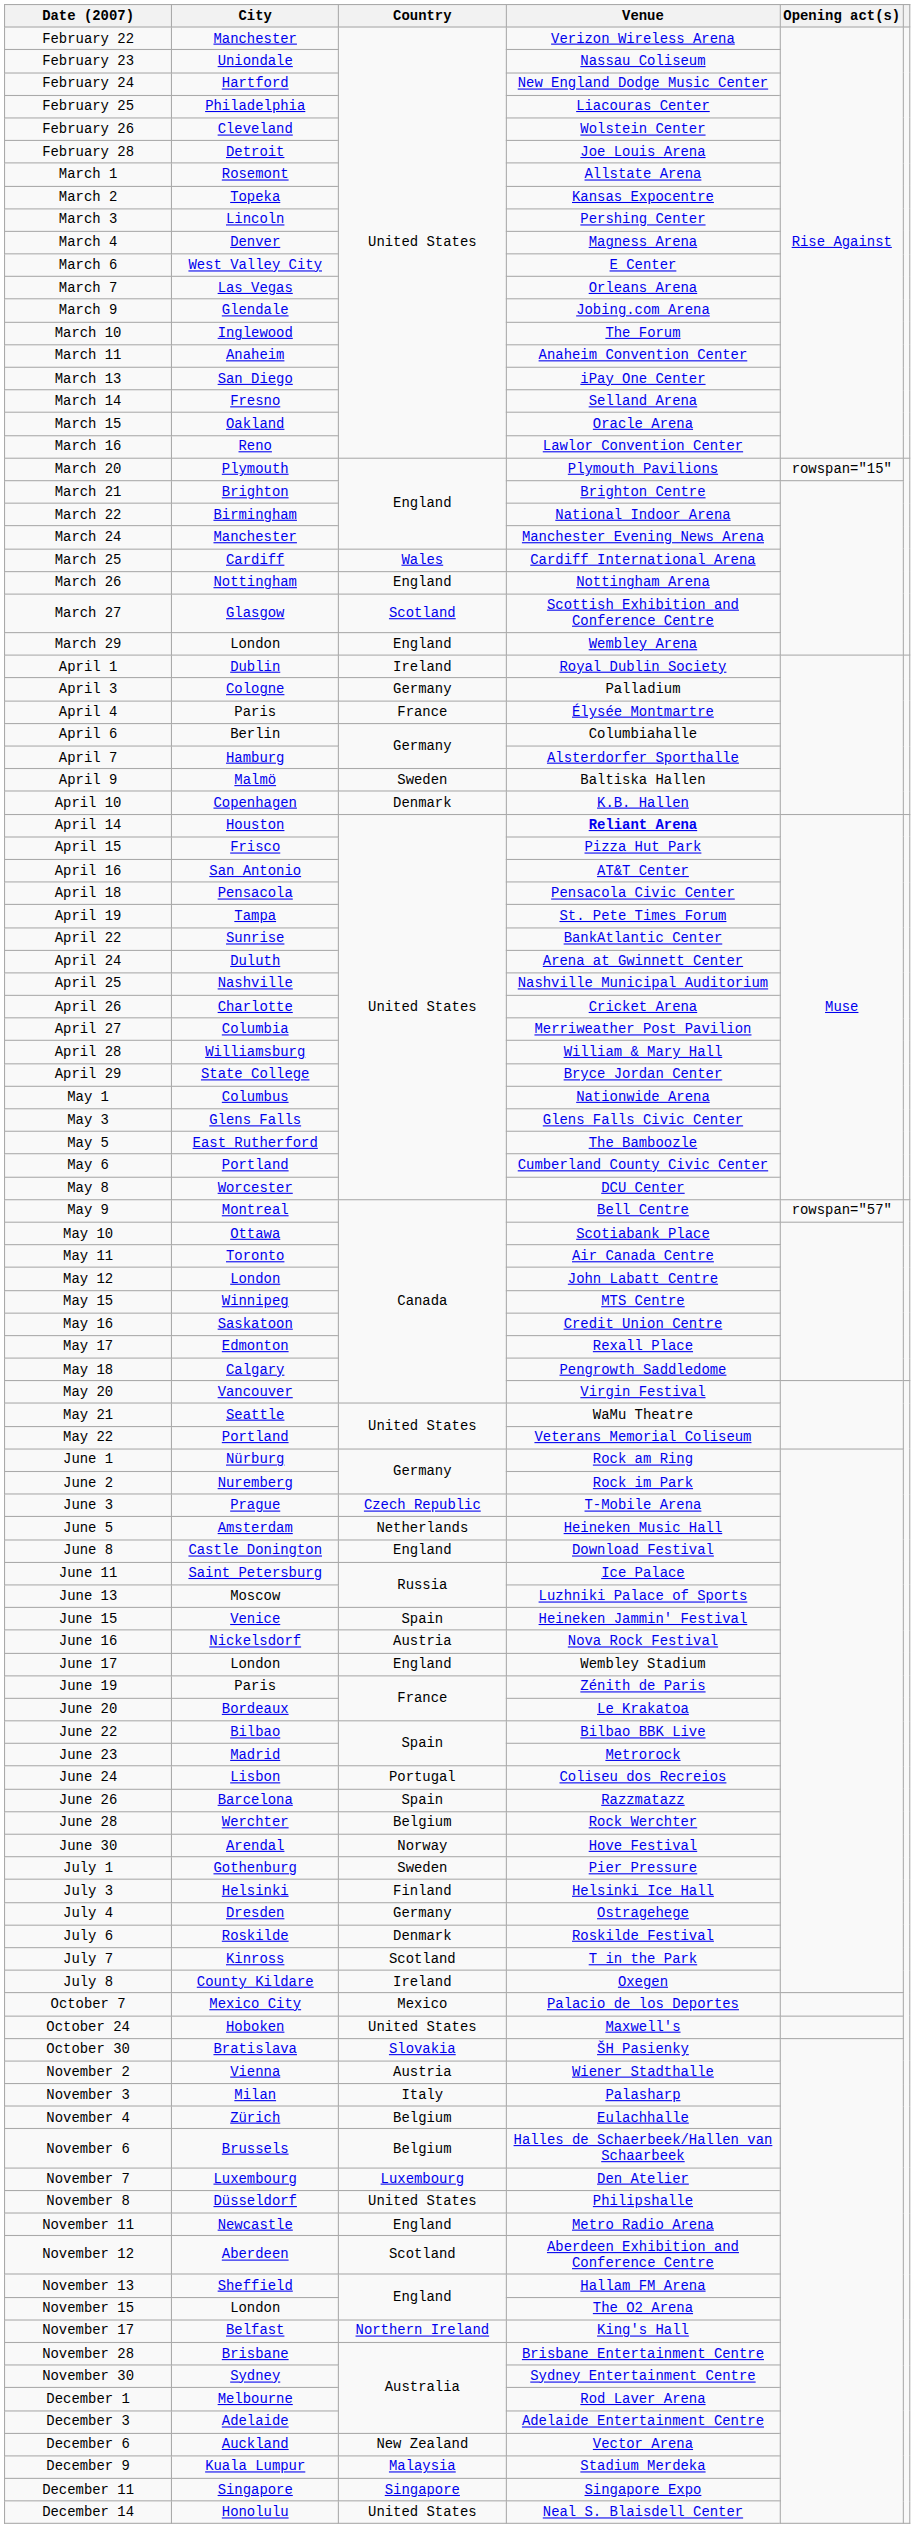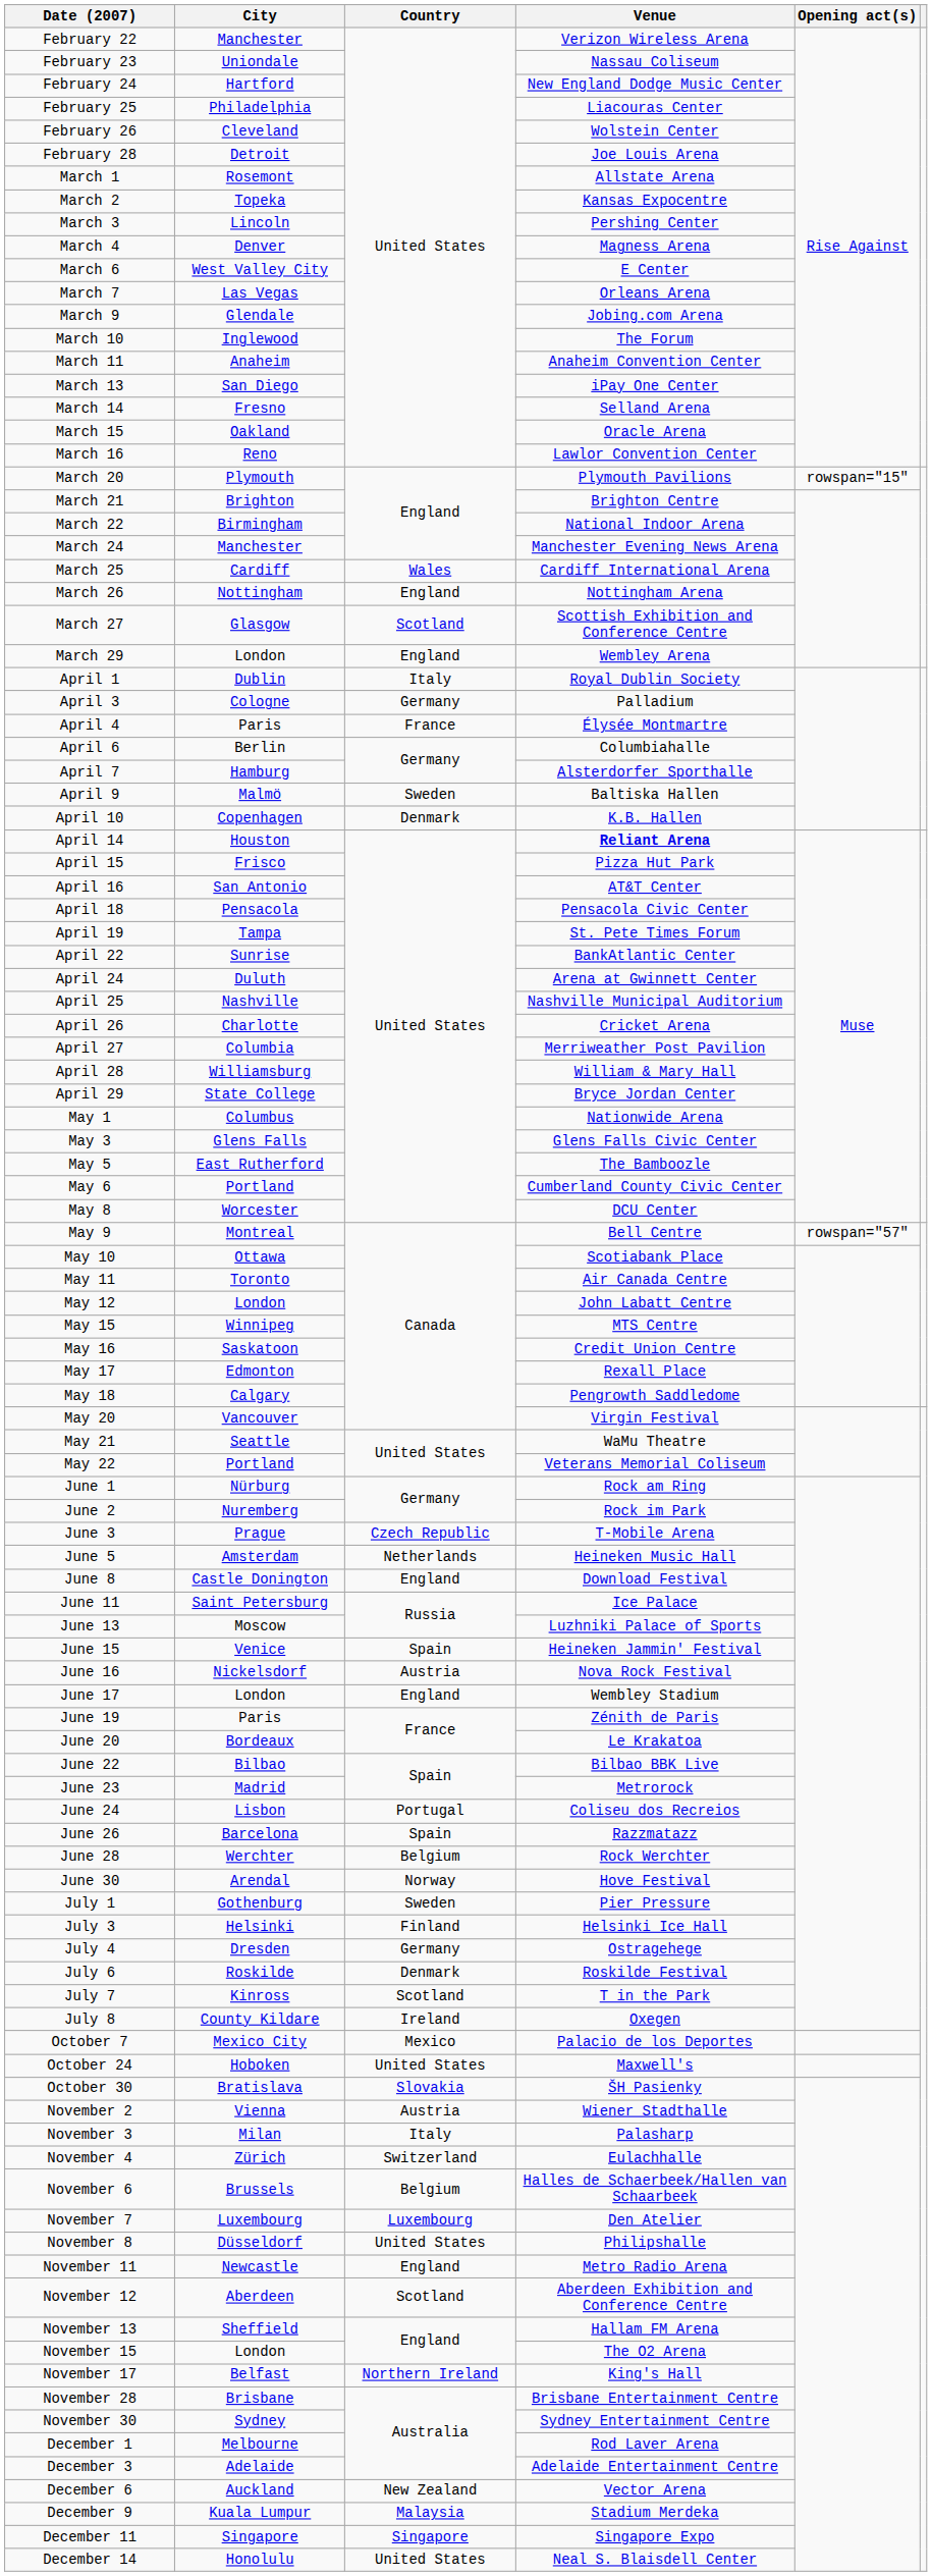 <table class="wikitable" style="text-align:center;">
 <tr>
 <th style="width:150px;">Date (2007)</th>
 <th style="width:150px;">City</th>
 <th style="width:150px;">Country</th>
 <th style="width:250px;">Venue</th>
 <th>Opening act(s)</th>
 <th></th>
 </tr>
 <tr>
 <td>February 22</td>
 <td><a href='#'>Manchester</a></td>
 <td rowspan="19">United States</td>
 <td><a href='#'>Verizon Wireless Arena</a></td>
 <td rowspan="19"><a href='#'>Rise Against</a></td>
 <td rowspan="19"></td>
 </tr>
 <tr>
 <td>February 23</td>
 <td><a href='#'>Uniondale</a></td>
 <td><a href='#'>Nassau Coliseum</a></td>
 </tr>
 <tr>
 <td>February 24</td>
 <td><a href='#'>Hartford</a></td>
 <td><a href='#'>New England Dodge Music Center</a></td>
 </tr>
 <tr>
 <td>February 25</td>
 <td><a href='#'>Philadelphia</a></td>
 <td><a href='#'>Liacouras Center</a></td>
 </tr>
 <tr>
 <td>February 26</td>
 <td><a href='#'>Cleveland</a></td>
 <td><a href='#'>Wolstein Center</a></td>
 </tr>
 <tr>
 <td>February 28</td>
 <td><a href='#'>Detroit</a></td>
 <td><a href='#'>Joe Louis Arena</a></td>
 </tr>
 <tr>
 <td>March 1</td>
 <td><a href='#'>Rosemont</a></td>
 <td><a href='#'>Allstate Arena</a></td>
 </tr>
 <tr>
 <td>March 2</td>
 <td><a href='#'>Topeka</a></td>
 <td><a href='#'>Kansas Expocentre</a></td>
 </tr>
 <tr>
 <td>March 3</td>
 <td><a href='#'>Lincoln</a></td>
 <td><a href='#'>Pershing Center</a></td>
 </tr>
 <tr>
 <td>March 4</td>
 <td><a href='#'>Denver</a></td>
 <td><a href='#'>Magness Arena</a></td>
 </tr>
 <tr>
 <td>March 6</td>
 <td><a href='#'>West Valley City</a></td>
 <td><a href='#'>E Center</a></td>
 </tr>
 <tr>
 <td>March 7</td>
 <td><a href='#'>Las Vegas</a></td>
 <td><a href='#'>Orleans Arena</a></td>
 </tr>
 <tr>
 <td>March 9</td>
 <td><a href='#'>Glendale</a></td>
 <td><a href='#'>Jobing.com Arena</a></td>
 </tr>
 <tr>
 <td>March 10</td>
 <td><a href='#'>Inglewood</a></td>
 <td><a href='#'>The Forum</a></td>
 </tr>
 <tr>
 <td>March 11</td>
 <td><a href='#'>Anaheim</a></td>
 <td><a href='#'>Anaheim Convention Center</a></td>
 </tr>
 <tr>
 <td>March 13</td>
 <td><a href='#'>San Diego</a></td>
 <td><a href='#'>iPay One Center</a></td>
 </tr>
 <tr>
 <td>March 14</td>
 <td><a href='#'>Fresno</a></td>
 <td><a href='#'>Selland Arena</a></td>
 </tr>
 <tr>
 <td>March 15</td>
 <td><a href='#'>Oakland</a></td>
 <td><a href='#'>Oracle Arena</a></td>
 </tr>
 <tr>
 <td>March 16</td>
 <td><a href='#'>Reno</a></td>
 <td><a href='#'>Lawlor Convention Center</a></td>
 </tr>
 <tr>
 <td>March 20</td>
 <td><a href='#'>Plymouth</a></td>
 <td rowspan="4">England</td>
 <td><a href='#'>Plymouth Pavilions</a></td>
 <td>rowspan="15" </td>
 <td rowspan="8"></td>
 </tr>
 <tr>
 <td>March 21</td>
 <td><a href='#'>Brighton</a></td>
 <td><a href='#'>Brighton Centre</a></td>
 </tr>
 <tr>
 <td>March 22</td>
 <td><a href='#'>Birmingham</a></td>
 <td><a href='#'>National Indoor Arena</a></td>
 </tr>
 <tr>
 <td>March 24</td>
 <td><a href='#'>Manchester</a></td>
 <td><a href='#'>Manchester Evening News Arena</a></td>
 </tr>
 <tr>
 <td>March 25</td>
 <td><a href='#'>Cardiff</a></td>
 <td><a href='#'>Wales</a></td>
 <td><a href='#'>Cardiff International Arena</a></td>
 </tr>
 <tr>
 <td>March 26</td>
 <td><a href='#'>Nottingham</a></td>
 <td>England</td>
 <td><a href='#'>Nottingham Arena</a></td>
 </tr>
 <tr>
 <td>March 27</td>
 <td><a href='#'>Glasgow</a></td>
 <td><a href='#'>Scotland</a></td>
 <td><a href='#'>Scottish Exhibition and Conference Centre</a></td>
 </tr>
 <tr>
 <td>March 29</td>
 <td>London</td>
 <td>England</td>
 <td><a href='#'>Wembley Arena</a></td>
 </tr>
 <tr>
 <td>April 1</td>
 <td><a href='#'>Dublin</a></td>
-<td>Ireland</td>
+<td>Italy</td>
 <td><a href='#'>Royal Dublin Society</a></td>
 <td rowspan="7"></td>
 </tr>
 <tr>
 <td>April 3</td>
 <td><a href='#'>Cologne</a></td>
 <td>Germany</td>
 <td>Palladium</td>
 </tr>
 <tr>
 <td>April 4</td>
 <td>Paris</td>
 <td>France</td>
 <td><a href='#'>Élysée Montmartre</a></td>
 </tr>
 <tr>
 <td>April 6</td>
 <td>Berlin</td>
 <td rowspan="2">Germany</td>
 <td>Columbiahalle</td>
 </tr>
 <tr>
 <td>April 7</td>
 <td><a href='#'>Hamburg</a></td>
 <td><a href='#'>Alsterdorfer Sporthalle</a></td>
 </tr>
 <tr>
 <td>April 9</td>
 <td><a href='#'>Malmö</a></td>
 <td>Sweden</td>
 <td>Baltiska Hallen</td>
 </tr>
 <tr>
 <td>April 10</td>
 <td><a href='#'>Copenhagen</a></td>
 <td>Denmark</td>
 <td><a href='#'>K.B. Hallen</a></td>
 </tr>
 <tr>
 <td>April 14</td>
 <td><a href='#'>Houston</a></td>
 <td rowspan="17">United States</td>
 <td><strong><a href='#'>Reliant Arena</a></strong></td>
 <td rowspan="17"><a href='#'>Muse</a></td>
 <td rowspan="17"></td>
 </tr>
 <tr>
 <td>April 15</td>
 <td><a href='#'>Frisco</a></td>
 <td><a href='#'>Pizza Hut Park</a></td>
 </tr>
 <tr>
 <td>April 16</td>
 <td><a href='#'>San Antonio</a></td>
 <td><a href='#'>AT&T Center</a></td>
 </tr>
 <tr>
 <td>April 18</td>
 <td><a href='#'>Pensacola</a></td>
 <td><a href='#'>Pensacola Civic Center</a></td>
 </tr>
 <tr>
 <td>April 19</td>
 <td><a href='#'>Tampa</a></td>
 <td><a href='#'>St. Pete Times Forum</a></td>
 </tr>
 <tr>
 <td>April 22</td>
 <td><a href='#'>Sunrise</a></td>
 <td><a href='#'>BankAtlantic Center</a></td>
 </tr>
 <tr>
 <td>April 24</td>
 <td><a href='#'>Duluth</a></td>
 <td><a href='#'>Arena at Gwinnett Center</a></td>
 </tr>
 <tr>
 <td>April 25</td>
 <td><a href='#'>Nashville</a></td>
 <td><a href='#'>Nashville Municipal Auditorium</a></td>
 </tr>
 <tr>
 <td>April 26</td>
 <td><a href='#'>Charlotte</a></td>
 <td><a href='#'>Cricket Arena</a></td>
 </tr>
 <tr>
 <td>April 27</td>
 <td><a href='#'>Columbia</a></td>
 <td><a href='#'>Merriweather Post Pavilion</a></td>
 </tr>
 <tr>
 <td>April 28</td>
 <td><a href='#'>Williamsburg</a></td>
 <td><a href='#'>William & Mary Hall</a></td>
 </tr>
 <tr>
 <td>April 29</td>
 <td><a href='#'>State College</a></td>
 <td><a href='#'>Bryce Jordan Center</a></td>
 </tr>
 <tr>
 <td>May 1</td>
 <td><a href='#'>Columbus</a></td>
 <td><a href='#'>Nationwide Arena</a></td>
 </tr>
 <tr>
 <td>May 3</td>
 <td><a href='#'>Glens Falls</a></td>
 <td><a href='#'>Glens Falls Civic Center</a></td>
 </tr>
 <tr>
 <td>May 5</td>
 <td><a href='#'>East Rutherford</a></td>
 <td><a href='#'>The Bamboozle</a></td>
 </tr>
 <tr>
 <td>May 6</td>
 <td><a href='#'>Portland</a></td>
 <td><a href='#'>Cumberland County Civic Center</a></td>
 </tr>
 <tr>
 <td>May 8</td>
 <td><a href='#'>Worcester</a></td>
 <td><a href='#'>DCU Center</a></td>
 </tr>
 <tr>
 <td>May 9</td>
 <td><a href='#'>Montreal</a></td>
 <td rowspan="9">Canada</td>
 <td><a href='#'>Bell Centre</a></td>
 <td>rowspan="57" </td>
 <td rowspan="8"></td>
 </tr>
 <tr>
 <td>May 10</td>
 <td><a href='#'>Ottawa</a></td>
 <td><a href='#'>Scotiabank Place</a></td>
 </tr>
 <tr>
 <td>May 11</td>
 <td><a href='#'>Toronto</a></td>
 <td><a href='#'>Air Canada Centre</a></td>
 </tr>
 <tr>
 <td>May 12</td>
 <td><a href='#'>London</a></td>
 <td><a href='#'>John Labatt Centre</a></td>
 </tr>
 <tr>
 <td>May 15</td>
 <td><a href='#'>Winnipeg</a></td>
 <td><a href='#'>MTS Centre</a></td>
 </tr>
 <tr>
 <td>May 16</td>
 <td><a href='#'>Saskatoon</a></td>
 <td><a href='#'>Credit Union Centre</a></td>
 </tr>
 <tr>
 <td>May 17</td>
 <td><a href='#'>Edmonton</a></td>
 <td><a href='#'>Rexall Place</a></td>
 </tr>
 <tr>
 <td>May 18</td>
 <td><a href='#'>Calgary</a></td>
 <td><a href='#'>Pengrowth Saddledome</a></td>
 </tr>
 <tr>
 <td>May 20</td>
 <td><a href='#'>Vancouver</a></td>
 <td><a href='#'>Virgin Festival</a></td>
 <td rowspan="3"></td>
 </tr>
 <tr>
 <td>May 21</td>
 <td><a href='#'>Seattle</a></td>
 <td rowspan="2">United States</td>
 <td>WaMu Theatre</td>
 </tr>
 <tr>
 <td>May 22</td>
 <td><a href='#'>Portland</a></td>
 <td><a href='#'>Veterans Memorial Coliseum</a></td>
 </tr>
 <tr>
 <td>June 1</td>
 <td><a href='#'>Nürburg</a></td>
 <td rowspan="2">Germany</td>
 <td><a href='#'>Rock am Ring</a></td>
 <td rowspan="24"></td>
 </tr>
 <tr>
 <td>June 2</td>
 <td><a href='#'>Nuremberg</a></td>
 <td><a href='#'>Rock im Park</a></td>
 </tr>
 <tr>
 <td>June 3</td>
 <td><a href='#'>Prague</a></td>
 <td><a href='#'>Czech Republic</a></td>
 <td><a href='#'>T-Mobile Arena</a></td>
 </tr>
 <tr>
 <td>June 5</td>
 <td><a href='#'>Amsterdam</a></td>
 <td>Netherlands</td>
 <td><a href='#'>Heineken Music Hall</a></td>
 </tr>
 <tr>
 <td>June 8</td>
 <td><a href='#'>Castle Donington</a></td>
 <td>England</td>
 <td><a href='#'>Download Festival</a></td>
 </tr>
 <tr>
 <td>June 11</td>
 <td><a href='#'>Saint Petersburg</a></td>
 <td rowspan="2">Russia</td>
 <td><a href='#'>Ice Palace</a></td>
 </tr>
 <tr>
 <td>June 13</td>
 <td>Moscow</td>
 <td><a href='#'>Luzhniki Palace of Sports</a></td>
 </tr>
 <tr>
 <td>June 15</td>
 <td><a href='#'>Venice</a></td>
 <td>Spain</td>
 <td><a href='#'>Heineken Jammin' Festival</a></td>
 </tr>
 <tr>
 <td>June 16</td>
 <td><a href='#'>Nickelsdorf</a></td>
 <td>Austria</td>
 <td><a href='#'>Nova Rock Festival</a></td>
 </tr>
 <tr>
 <td>June 17</td>
 <td>London</td>
 <td>England</td>
 <td>Wembley Stadium</td>
 </tr>
 <tr>
 <td>June 19</td>
 <td>Paris</td>
 <td rowspan="2">France</td>
 <td><a href='#'>Zénith de Paris</a></td>
 </tr>
 <tr>
 <td>June 20</td>
 <td><a href='#'>Bordeaux</a></td>
 <td><a href='#'>Le Krakatoa</a></td>
 </tr>
 <tr>
 <td>June 22</td>
 <td><a href='#'>Bilbao</a></td>
 <td rowspan="2">Spain</td>
 <td><a href='#'>Bilbao BBK Live</a></td>
 </tr>
 <tr>
 <td>June 23</td>
 <td><a href='#'>Madrid</a></td>
 <td><a href='#'>Metrorock</a></td>
 </tr>
 <tr>
 <td>June 24</td>
 <td><a href='#'>Lisbon</a></td>
 <td>Portugal</td>
 <td><a href='#'>Coliseu dos Recreios</a></td>
 </tr>
 <tr>
 <td>June 26</td>
 <td><a href='#'>Barcelona</a></td>
 <td>Spain</td>
 <td><a href='#'>Razzmatazz</a></td>
 </tr>
 <tr>
 <td>June 28</td>
 <td><a href='#'>Werchter</a></td>
 <td>Belgium</td>
 <td><a href='#'>Rock Werchter</a></td>
 </tr>
 <tr>
 <td>June 30</td>
 <td><a href='#'>Arendal</a></td>
 <td>Norway</td>
 <td><a href='#'>Hove Festival</a></td>
 </tr>
 <tr>
 <td>July 1</td>
 <td><a href='#'>Gothenburg</a></td>
 <td>Sweden</td>
 <td><a href='#'>Pier Pressure</a></td>
 </tr>
 <tr>
 <td>July 3</td>
 <td><a href='#'>Helsinki</a></td>
 <td>Finland</td>
 <td><a href='#'>Helsinki Ice Hall</a></td>
 </tr>
 <tr>
 <td>July 4</td>
 <td><a href='#'>Dresden</a></td>
 <td>Germany</td>
 <td><a href='#'>Ostragehege</a></td>
 </tr>
 <tr>
 <td>July 6</td>
 <td><a href='#'>Roskilde</a></td>
 <td>Denmark</td>
 <td><a href='#'>Roskilde Festival</a></td>
 </tr>
 <tr>
 <td>July 7</td>
 <td><a href='#'>Kinross</a></td>
 <td>Scotland</td>
 <td><a href='#'>T in the Park</a></td>
 </tr>
 <tr>
 <td>July 8</td>
 <td><a href='#'>County Kildare</a></td>
 <td>Ireland</td>
 <td><a href='#'>Oxegen</a></td>
 </tr>
 <tr>
 <td>October 7</td>
 <td><a href='#'>Mexico City</a></td>
 <td>Mexico</td>
 <td><a href='#'>Palacio de los Deportes</a></td>
 <td></td>
 </tr>
 <tr>
 <td>October 24</td>
 <td><a href='#'>Hoboken</a></td>
 <td>United States</td>
 <td><a href='#'>Maxwell's</a></td>
 <td></td>
 </tr>
 <tr>
 <td>October 30</td>
 <td><a href='#'>Bratislava</a></td>
 <td><a href='#'>Slovakia</a></td>
 <td><a href='#'>ŠH Pasienky</a></td>
 <td rowspan="20"></td>
 </tr>
 <tr>
 <td>November 2</td>
 <td><a href='#'>Vienna</a></td>
 <td>Austria</td>
 <td><a href='#'>Wiener Stadthalle</a></td>
 </tr>
 <tr>
 <td>November 3</td>
 <td><a href='#'>Milan</a></td>
 <td>Italy</td>
 <td><a href='#'>Palasharp</a></td>
 </tr>
 <tr>
 <td>November 4</td>
 <td><a href='#'>Zürich</a></td>
-<td>Belgium</td>
+<td>Switzerland</td>
 <td><a href='#'>Eulachhalle</a></td>
 </tr>
 <tr>
 <td>November 6</td>
 <td><a href='#'>Brussels</a></td>
 <td>Belgium</td>
 <td><a href='#'>Halles de Schaerbeek/Hallen van Schaarbeek</a></td>
 </tr>
 <tr>
 <td>November 7</td>
 <td><a href='#'>Luxembourg</a></td>
 <td><a href='#'>Luxembourg</a></td>
 <td><a href='#'>Den Atelier</a></td>
 </tr>
 <tr>
 <td>November 8</td>
 <td><a href='#'>Düsseldorf</a></td>
 <td>United States</td>
 <td><a href='#'>Philipshalle</a></td>
 </tr>
 <tr>
 <td>November 11</td>
 <td><a href='#'>Newcastle</a></td>
 <td>England</td>
 <td><a href='#'>Metro Radio Arena</a></td>
 </tr>
 <tr>
 <td>November 12</td>
 <td><a href='#'>Aberdeen</a></td>
 <td>Scotland</td>
 <td><a href='#'>Aberdeen Exhibition and Conference Centre</a></td>
 </tr>
 <tr>
 <td>November 13</td>
 <td><a href='#'>Sheffield</a></td>
 <td rowspan="2">England</td>
 <td><a href='#'>Hallam FM Arena</a></td>
 </tr>
 <tr>
 <td>November 15</td>
 <td>London</td>
 <td><a href='#'>The O2 Arena</a></td>
 </tr>
 <tr>
 <td>November 17</td>
 <td><a href='#'>Belfast</a></td>
 <td><a href='#'>Northern Ireland</a></td>
 <td><a href='#'>King's Hall</a></td>
 </tr>
 <tr>
 <td>November 28</td>
 <td><a href='#'>Brisbane</a></td>
 <td rowspan="4">Australia</td>
 <td><a href='#'>Brisbane Entertainment Centre</a></td>
 </tr>
 <tr>
 <td>November 30</td>
 <td><a href='#'>Sydney</a></td>
 <td><a href='#'>Sydney Entertainment Centre</a></td>
 </tr>
 <tr>
 <td>December 1</td>
 <td><a href='#'>Melbourne</a></td>
 <td><a href='#'>Rod Laver Arena</a></td>
 </tr>
 <tr>
 <td>December 3</td>
 <td><a href='#'>Adelaide</a></td>
 <td><a href='#'>Adelaide Entertainment Centre</a></td>
 </tr>
 <tr>
 <td>December 6</td>
 <td><a href='#'>Auckland</a></td>
 <td>New Zealand</td>
 <td><a href='#'>Vector Arena</a></td>
 </tr>
 <tr>
 <td>December 9</td>
 <td><a href='#'>Kuala Lumpur</a></td>
 <td><a href='#'>Malaysia</a></td>
 <td><a href='#'>Stadium Merdeka</a></td>
 </tr>
 <tr>
 <td>December 11</td>
 <td><a href='#'>Singapore</a></td>
 <td><a href='#'>Singapore</a></td>
 <td><a href='#'>Singapore Expo</a></td>
 </tr>
 <tr>
 <td>December 14</td>
 <td><a href='#'>Honolulu</a></td>
 <td>United States</td>
 <td><a href='#'>Neal S. Blaisdell Center</a></td>
 </tr>
 </table>
